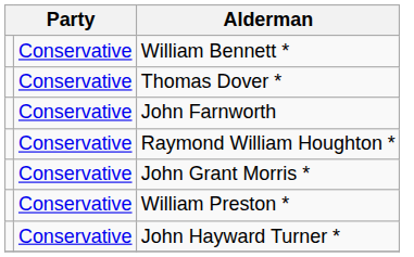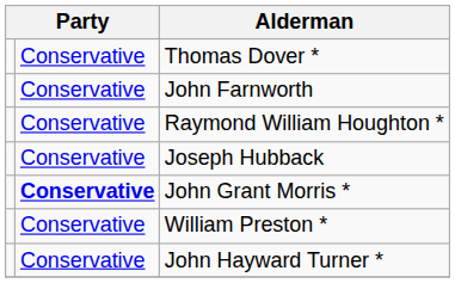 <table class="wikitable">
 <tr>
 <th colspan="2">Party</th>
 <th>Alderman</th>
-</tr>
-<tr>
-<td style="background-color:"></td>
-<td><a href='#'>Conservative</a></td>
-<td>William Bennett *</td>
 </tr>
 <tr>
 <td style="background-color:"></td>
 <td><a href='#'>Conservative</a></td>
 <td>Thomas Dover *</td>
 </tr>
 <tr>
 <td style="background-color:"></td>
 <td><a href='#'>Conservative</a></td>
 <td>John Farnworth</td>
 </tr>
 <tr>
 <td style="background-color:"></td>
 <td><a href='#'>Conservative</a></td>
 <td>Raymond William Houghton *</td>
 </tr>
 <tr>
 <td style="background-color:"></td>
 <td><a href='#'>Conservative</a></td>
+<td>Joseph Hubback</td>
+</tr>
+<tr>
+<td style="background-color:"></td>
+<td><strong><a href='#'>Conservative</a></strong></td>
 <td>John Grant Morris *</td>
 </tr>
 <tr>
 <td style="background-color:"></td>
 <td><a href='#'>Conservative</a></td>
 <td>William Preston *</td>
 </tr>
 <tr>
 <td style="background-color:"></td>
 <td><a href='#'>Conservative</a></td>
 <td>John Hayward Turner *</td>
 </tr>
 <tr>
 </tr>
 </table>
